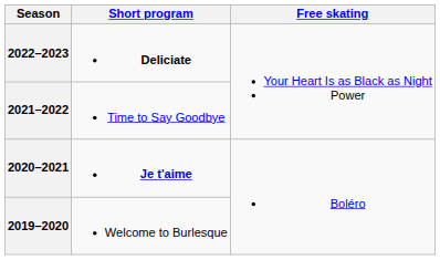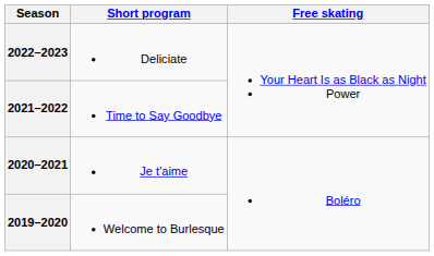 <table class=wikitable style=text-align:center>
 <tr>
 <th>Season</th>
 <th><a href='#'>Short program</a></th>
 <th><a href='#'>Free skating</a></th>
 </tr>
 <tr>
 <th>2022–2023<br></th>
-<td><strong><br><ul><li>Deliciate <br> </li></ul></strong></td>
+<td><br><ul><li>Deliciate <br> </li></ul></td>
 <td rowspan=2><br><ul><li><a href='#'>Your Heart Is as Black as Night</a> <br> </li><li>Power <br> </li></ul></td>
 </tr>
 <tr>
 <th>2021–2022<br></th>
 <td><br><ul><li><a href='#'>Time to Say Goodbye</a> <br> </li></ul></td>
 </tr>
 <tr>
 <th>2020–2021<br></th>
-<td><strong><br><ul><li><a href='#'>Je t'aime</a> <br> </li></ul></strong></td>
+<td><br><ul><li><a href='#'>Je t'aime</a> <br> </li></ul></td>
 <td rowspan=2><br><ul><li><a href='#'>Boléro</a> <br> </li></ul></td>
 </tr>
 <tr>
 <th>2019–2020<br></th>
 <td><br><ul><li>Welcome to Burlesque <br> </li></ul></td>
 </tr>
 </table>
